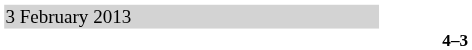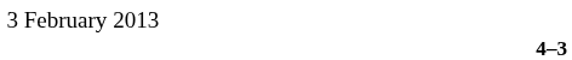 <table style="width:100%;" cellspacing="1">
 <tr>
 <th width=25%></th>
 <th width=10%></th>
 <th></th>
 </tr>
 <tr>
-<td style="background: lightgrey;">3 February 2013</td>
+<td>3 February 2013</td>
 </tr>
 <tr style=font-size:90%>
 <td align=right><strong></strong></td>
 <td align=center><strong>4–3</strong></td>
 <td><strong></strong></td>
 </tr>
 </table>
